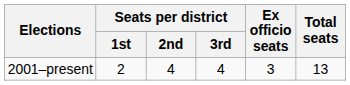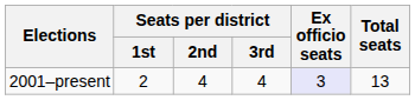 <table class="wikitable" style="text-align:center">
 <tr>
 <th rowspan="2">Elections</th>
 <th colspan="3">Seats per district</th>
 <th rowspan="2" width="50px">Ex officio seats</th>
 <th rowspan="2" width="50px">Total seats</th>
 </tr>
 <tr>
 <th width="50px">1st</th>
 <th width="50px">2nd</th>
 <th width="50px">3rd</th>
 </tr>
 <tr>
 <td>2001–present</td>
 <td>2</td>
 <td>4</td>
 <td>4</td>
-<td>3</td>
+<td style="background: lavender;">3</td>
 <td>13</td>
 </tr>
 </table>
